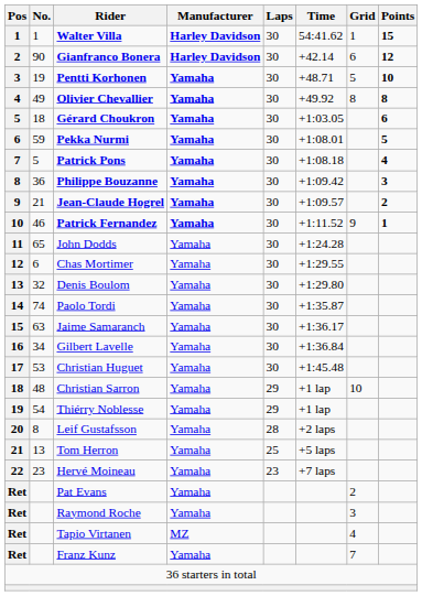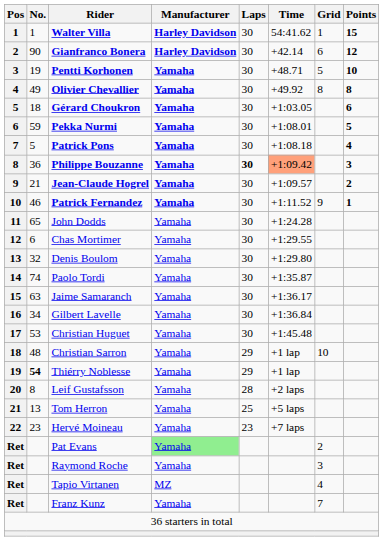 <table class="wikitable" style="font-size: 95%;">
 <tr>
 <th>Pos</th>
 <th>No.</th>
 <th>Rider</th>
 <th>Manufacturer</th>
 <th>Laps</th>
 <th>Time</th>
 <th>Grid</th>
 <th>Points</th>
 </tr>
 <tr>
 <th>1</th>
 <td>1</td>
 <td> <strong><a href='#'>Walter Villa</a></strong></td>
 <td><strong><a href='#'>Harley Davidson</a></strong></td>
 <td>30</td>
 <td>54:41.62</td>
 <td>1</td>
 <td><strong>15</strong></td>
 </tr>
 <tr>
 <th>2</th>
 <td>90</td>
 <td> <strong><a href='#'>Gianfranco Bonera</a></strong></td>
 <td><strong><a href='#'>Harley Davidson</a></strong></td>
 <td>30</td>
 <td>+42.14</td>
 <td>6</td>
 <td><strong>12</strong></td>
 </tr>
 <tr>
 <th>3</th>
 <td>19</td>
 <td> <strong><a href='#'>Pentti Korhonen</a></strong></td>
 <td><strong><a href='#'>Yamaha</a></strong></td>
 <td>30</td>
 <td>+48.71</td>
 <td>5</td>
 <td><strong>10</strong></td>
 </tr>
 <tr>
 <th>4</th>
 <td>49</td>
 <td> <strong><a href='#'>Olivier Chevallier</a></strong></td>
 <td><strong><a href='#'>Yamaha</a></strong></td>
 <td>30</td>
 <td>+49.92</td>
 <td>8</td>
 <td><strong>8</strong></td>
 </tr>
 <tr>
 <th>5</th>
 <td>18</td>
 <td> <strong><a href='#'>Gérard Choukron</a></strong></td>
 <td><strong><a href='#'>Yamaha</a></strong></td>
 <td>30</td>
 <td>+1:03.05</td>
 <td></td>
 <td><strong>6</strong></td>
 </tr>
 <tr>
 <th>6</th>
 <td>59</td>
 <td> <strong><a href='#'>Pekka Nurmi</a></strong></td>
 <td><strong><a href='#'>Yamaha</a></strong></td>
 <td>30</td>
 <td>+1:08.01</td>
 <td></td>
 <td><strong>5</strong></td>
 </tr>
 <tr>
 <th>7</th>
 <td>5</td>
 <td> <strong><a href='#'>Patrick Pons</a></strong></td>
 <td><strong><a href='#'>Yamaha</a></strong></td>
 <td>30</td>
 <td>+1:08.18</td>
 <td></td>
 <td><strong>4</strong></td>
 </tr>
 <tr>
 <th>8</th>
 <td>36</td>
 <td> <strong><a href='#'>Philippe Bouzanne</a></strong></td>
 <td><strong><a href='#'>Yamaha</a></strong></td>
-<td>30</td>
-<td>+1:09.42</td>
+<td><strong>30</strong></td>
+<td style="background: lightsalmon;">+1:09.42</td>
 <td></td>
 <td><strong>3</strong></td>
 </tr>
 <tr>
 <th>9</th>
 <td>21</td>
 <td> <strong><a href='#'>Jean-Claude Hogrel</a></strong></td>
 <td><strong><a href='#'>Yamaha</a></strong></td>
 <td>30</td>
 <td>+1:09.57</td>
 <td></td>
 <td><strong>2</strong></td>
 </tr>
 <tr>
 <th>10</th>
 <td>46</td>
 <td> <strong><a href='#'>Patrick Fernandez</a></strong></td>
 <td><strong><a href='#'>Yamaha</a></strong></td>
 <td>30</td>
 <td>+1:11.52</td>
 <td>9</td>
 <td><strong>1</strong></td>
 </tr>
 <tr>
 <th>11</th>
 <td>65</td>
 <td> <a href='#'>John Dodds</a></td>
 <td><a href='#'>Yamaha</a></td>
 <td>30</td>
 <td>+1:24.28</td>
 <td></td>
 <td></td>
 </tr>
 <tr>
 <th>12</th>
 <td>6</td>
 <td> <a href='#'>Chas Mortimer</a></td>
 <td><a href='#'>Yamaha</a></td>
 <td>30</td>
 <td>+1:29.55</td>
 <td></td>
 <td></td>
 </tr>
 <tr>
 <th>13</th>
 <td>32</td>
 <td> <a href='#'>Denis Boulom</a></td>
 <td><a href='#'>Yamaha</a></td>
 <td>30</td>
 <td>+1:29.80</td>
 <td></td>
 <td></td>
 </tr>
 <tr>
 <th>14</th>
 <td>74</td>
 <td> <a href='#'>Paolo Tordi</a></td>
 <td><a href='#'>Yamaha</a></td>
 <td>30</td>
 <td>+1:35.87</td>
 <td></td>
 <td></td>
 </tr>
 <tr>
 <th>15</th>
 <td>63</td>
 <td> <a href='#'>Jaime Samaranch</a></td>
 <td><a href='#'>Yamaha</a></td>
 <td>30</td>
 <td>+1:36.17</td>
 <td></td>
 <td></td>
 </tr>
 <tr>
 <th>16</th>
 <td>34</td>
 <td> <a href='#'>Gilbert Lavelle</a></td>
 <td><a href='#'>Yamaha</a></td>
 <td>30</td>
 <td>+1:36.84</td>
 <td></td>
 <td></td>
 </tr>
 <tr>
 <th>17</th>
 <td>53</td>
 <td> <a href='#'>Christian Huguet</a></td>
 <td><a href='#'>Yamaha</a></td>
 <td>30</td>
 <td>+1:45.48</td>
 <td></td>
 <td></td>
 </tr>
 <tr>
 <th>18</th>
 <td>48</td>
 <td> <a href='#'>Christian Sarron</a></td>
 <td><a href='#'>Yamaha</a></td>
 <td>29</td>
 <td>+1 lap</td>
 <td>10</td>
 <td></td>
 </tr>
 <tr>
 <th>19</th>
-<td>54</td>
+<td><strong>54</strong></td>
 <td> <a href='#'>Thiérry Noblesse</a></td>
 <td><a href='#'>Yamaha</a></td>
 <td>29</td>
 <td>+1 lap</td>
 <td></td>
 <td></td>
 </tr>
 <tr>
 <th>20</th>
 <td>8</td>
 <td> <a href='#'>Leif Gustafsson</a></td>
 <td><a href='#'>Yamaha</a></td>
 <td>28</td>
 <td>+2 laps </td>
 <td></td>
 <td></td>
 </tr>
 <tr>
 <th>21</th>
 <td>13</td>
 <td> <a href='#'>Tom Herron</a></td>
 <td><a href='#'>Yamaha</a></td>
 <td>25</td>
 <td>+5 laps </td>
 <td></td>
 <td></td>
 </tr>
 <tr>
 <th>22</th>
 <td>23</td>
 <td> <a href='#'>Hervé Moineau</a></td>
 <td><a href='#'>Yamaha</a></td>
 <td>23</td>
 <td>+7 laps </td>
 <td></td>
 <td></td>
 </tr>
 <tr>
 <th>Ret</th>
 <td></td>
 <td> <a href='#'>Pat Evans</a></td>
-<td><a href='#'>Yamaha</a></td>
+<td style="background: lightgreen;"><a href='#'>Yamaha</a></td>
 <td></td>
 <td></td>
 <td>2</td>
 <td></td>
 </tr>
 <tr>
 <th>Ret</th>
 <td></td>
 <td> <a href='#'>Raymond Roche</a></td>
 <td><a href='#'>Yamaha</a></td>
 <td></td>
 <td></td>
 <td>3</td>
 <td></td>
 </tr>
 <tr>
 <th>Ret</th>
 <td></td>
 <td> <a href='#'>Tapio Virtanen</a></td>
 <td><a href='#'>MZ</a></td>
 <td></td>
 <td></td>
 <td>4</td>
 <td></td>
 </tr>
 <tr>
 <th>Ret</th>
 <td></td>
 <td> <a href='#'>Franz Kunz</a></td>
 <td><a href='#'>Yamaha</a></td>
 <td></td>
 <td></td>
 <td>7</td>
 <td></td>
 </tr>
 <tr>
 <td colspan=8 align=center>36 starters in total</td>
 </tr>
 <tr>
 <th colspan=8></th>
 </tr>
 </table>
